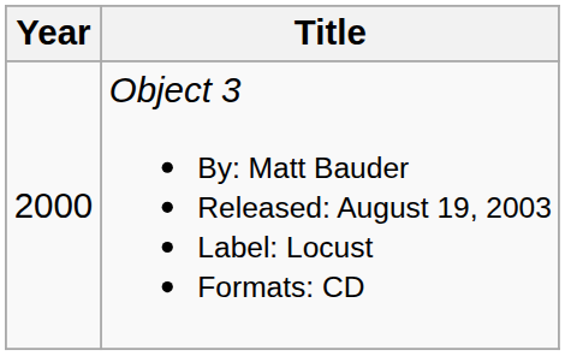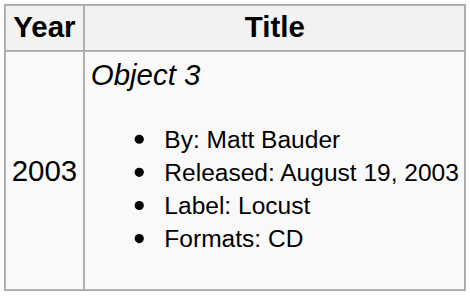 <table class="wikitable">
 <tr>
 <th rowspan="1">Year</th>
 <th rowspan="1">Title</th>
 </tr>
 <tr>
-<td>2000</td>
+<td>2003</td>
 <td><em>Object 3</em><br><ul><li><small>By: Matt Bauder</small></li><li><small>Released: August 19, 2003</small></li><li><small>Label: Locust</small></li><li><small>Formats: CD</small></li></ul></td>
 </tr>
 </table>
